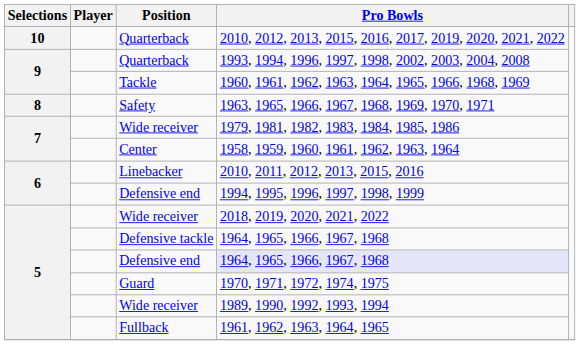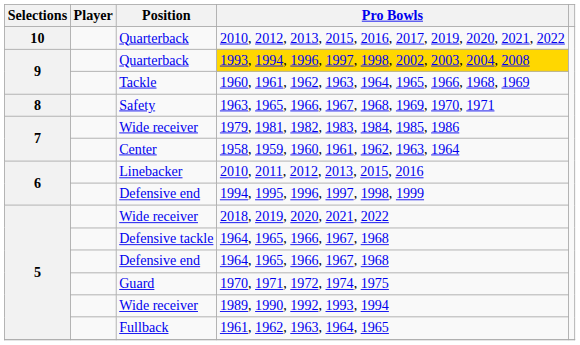 <table class="wikitable sortable">
 <tr>
 <th scope="col">Selections</th>
 <th scope="col">Player</th>
 <th scope="col">Position</th>
 <th scope="col"><a href='#'>Pro Bowls</a></th>
 <th scope="col" class="unsortable"></th>
 </tr>
 <tr>
 <th scope="row">10</th>
 <td></td>
 <td><a href='#'>Quarterback</a></td>
 <td><a href='#'>2010</a>, <a href='#'>2012</a>, <a href='#'>2013</a>, <a href='#'>2015</a>, <a href='#'>2016</a>, <a href='#'>2017</a>, <a href='#'>2019</a>, <a href='#'>2020</a>, <a href='#'>2021</a>, <a href='#'>2022</a></td>
 <td align="center" rowspan="14"></td>
 </tr>
 <tr>
 <th scope="row" rowspan="2">9</th>
 <td></td>
 <td><a href='#'>Quarterback</a></td>
-<td><a href='#'>1993</a>, <a href='#'>1994</a>, <a href='#'>1996</a>, <a href='#'>1997</a>, <a href='#'>1998</a>, <a href='#'>2002</a>, <a href='#'>2003</a>, <a href='#'>2004</a>, <a href='#'>2008</a></td>
+<td style="background: gold;"><a href='#'>1993</a>, <a href='#'>1994</a>, <a href='#'>1996</a>, <a href='#'>1997</a>, <a href='#'>1998</a>, <a href='#'>2002</a>, <a href='#'>2003</a>, <a href='#'>2004</a>, <a href='#'>2008</a></td>
 </tr>
 <tr>
 <td></td>
 <td><a href='#'>Tackle</a></td>
 <td><a href='#'>1960</a>, <a href='#'>1961</a>, <a href='#'>1962</a>, <a href='#'>1963</a>, <a href='#'>1964</a>, <a href='#'>1965</a>, <a href='#'>1966</a>, <a href='#'>1968</a>, <a href='#'>1969</a></td>
 </tr>
 <tr>
 <th scope="row">8</th>
 <td></td>
 <td><a href='#'>Safety</a></td>
 <td><a href='#'>1963</a>, <a href='#'>1965</a>, <a href='#'>1966</a>, <a href='#'>1967</a>, <a href='#'>1968</a>, <a href='#'>1969</a>, <a href='#'>1970</a>, <a href='#'>1971</a></td>
 </tr>
 <tr>
 <th scope="rowgroup" rowspan="2">7</th>
 <td></td>
 <td><a href='#'>Wide receiver</a></td>
 <td><a href='#'>1979</a>, <a href='#'>1981</a>, <a href='#'>1982</a>, <a href='#'>1983</a>, <a href='#'>1984</a>, <a href='#'>1985</a>, <a href='#'>1986</a></td>
 </tr>
 <tr>
 <td></td>
 <td><a href='#'>Center</a></td>
 <td><a href='#'>1958</a>, <a href='#'>1959</a>, <a href='#'>1960</a>, <a href='#'>1961</a>, <a href='#'>1962</a>, <a href='#'>1963</a>, <a href='#'>1964</a></td>
 </tr>
 <tr>
 <th scope="row" rowspan="2">6</th>
 <td></td>
 <td><a href='#'>Linebacker</a></td>
 <td><a href='#'>2010</a>, <a href='#'>2011</a>, <a href='#'>2012</a>, <a href='#'>2013</a>, <a href='#'>2015</a>, <a href='#'>2016</a></td>
 </tr>
 <tr>
 <td></td>
 <td><a href='#'>Defensive end</a></td>
 <td><a href='#'>1994</a>, <a href='#'>1995</a>, <a href='#'>1996</a>, <a href='#'>1997</a>, <a href='#'>1998</a>, <a href='#'>1999</a></td>
 </tr>
 <tr>
 <th scope="row" rowspan="6">5</th>
 <td></td>
 <td><a href='#'>Wide receiver</a></td>
 <td><a href='#'>2018</a>, <a href='#'>2019</a>, <a href='#'>2020</a>, <a href='#'>2021</a>, <a href='#'>2022</a></td>
 </tr>
 <tr>
 <td></td>
 <td><a href='#'>Defensive tackle</a></td>
 <td><a href='#'>1964</a>, <a href='#'>1965</a>, <a href='#'>1966</a>, <a href='#'>1967</a>, <a href='#'>1968</a></td>
 </tr>
 <tr>
 <td></td>
 <td><a href='#'>Defensive end</a></td>
-<td style="background: lavender;"><a href='#'>1964</a>, <a href='#'>1965</a>, <a href='#'>1966</a>, <a href='#'>1967</a>, <a href='#'>1968</a></td>
+<td><a href='#'>1964</a>, <a href='#'>1965</a>, <a href='#'>1966</a>, <a href='#'>1967</a>, <a href='#'>1968</a></td>
 </tr>
 <tr>
 <td></td>
 <td><a href='#'>Guard</a></td>
 <td><a href='#'>1970</a>, <a href='#'>1971</a>, <a href='#'>1972</a>, <a href='#'>1974</a>, <a href='#'>1975</a></td>
 </tr>
 <tr>
 <td></td>
 <td><a href='#'>Wide receiver</a></td>
 <td><a href='#'>1989</a>, <a href='#'>1990</a>, <a href='#'>1992</a>, <a href='#'>1993</a>, <a href='#'>1994</a></td>
 </tr>
 <tr>
 <td></td>
 <td><a href='#'>Fullback</a></td>
 <td><a href='#'>1961</a>, <a href='#'>1962</a>, <a href='#'>1963</a>, <a href='#'>1964</a>, <a href='#'>1965</a></td>
 </tr>
 <tr>
 </tr>
 </table>
